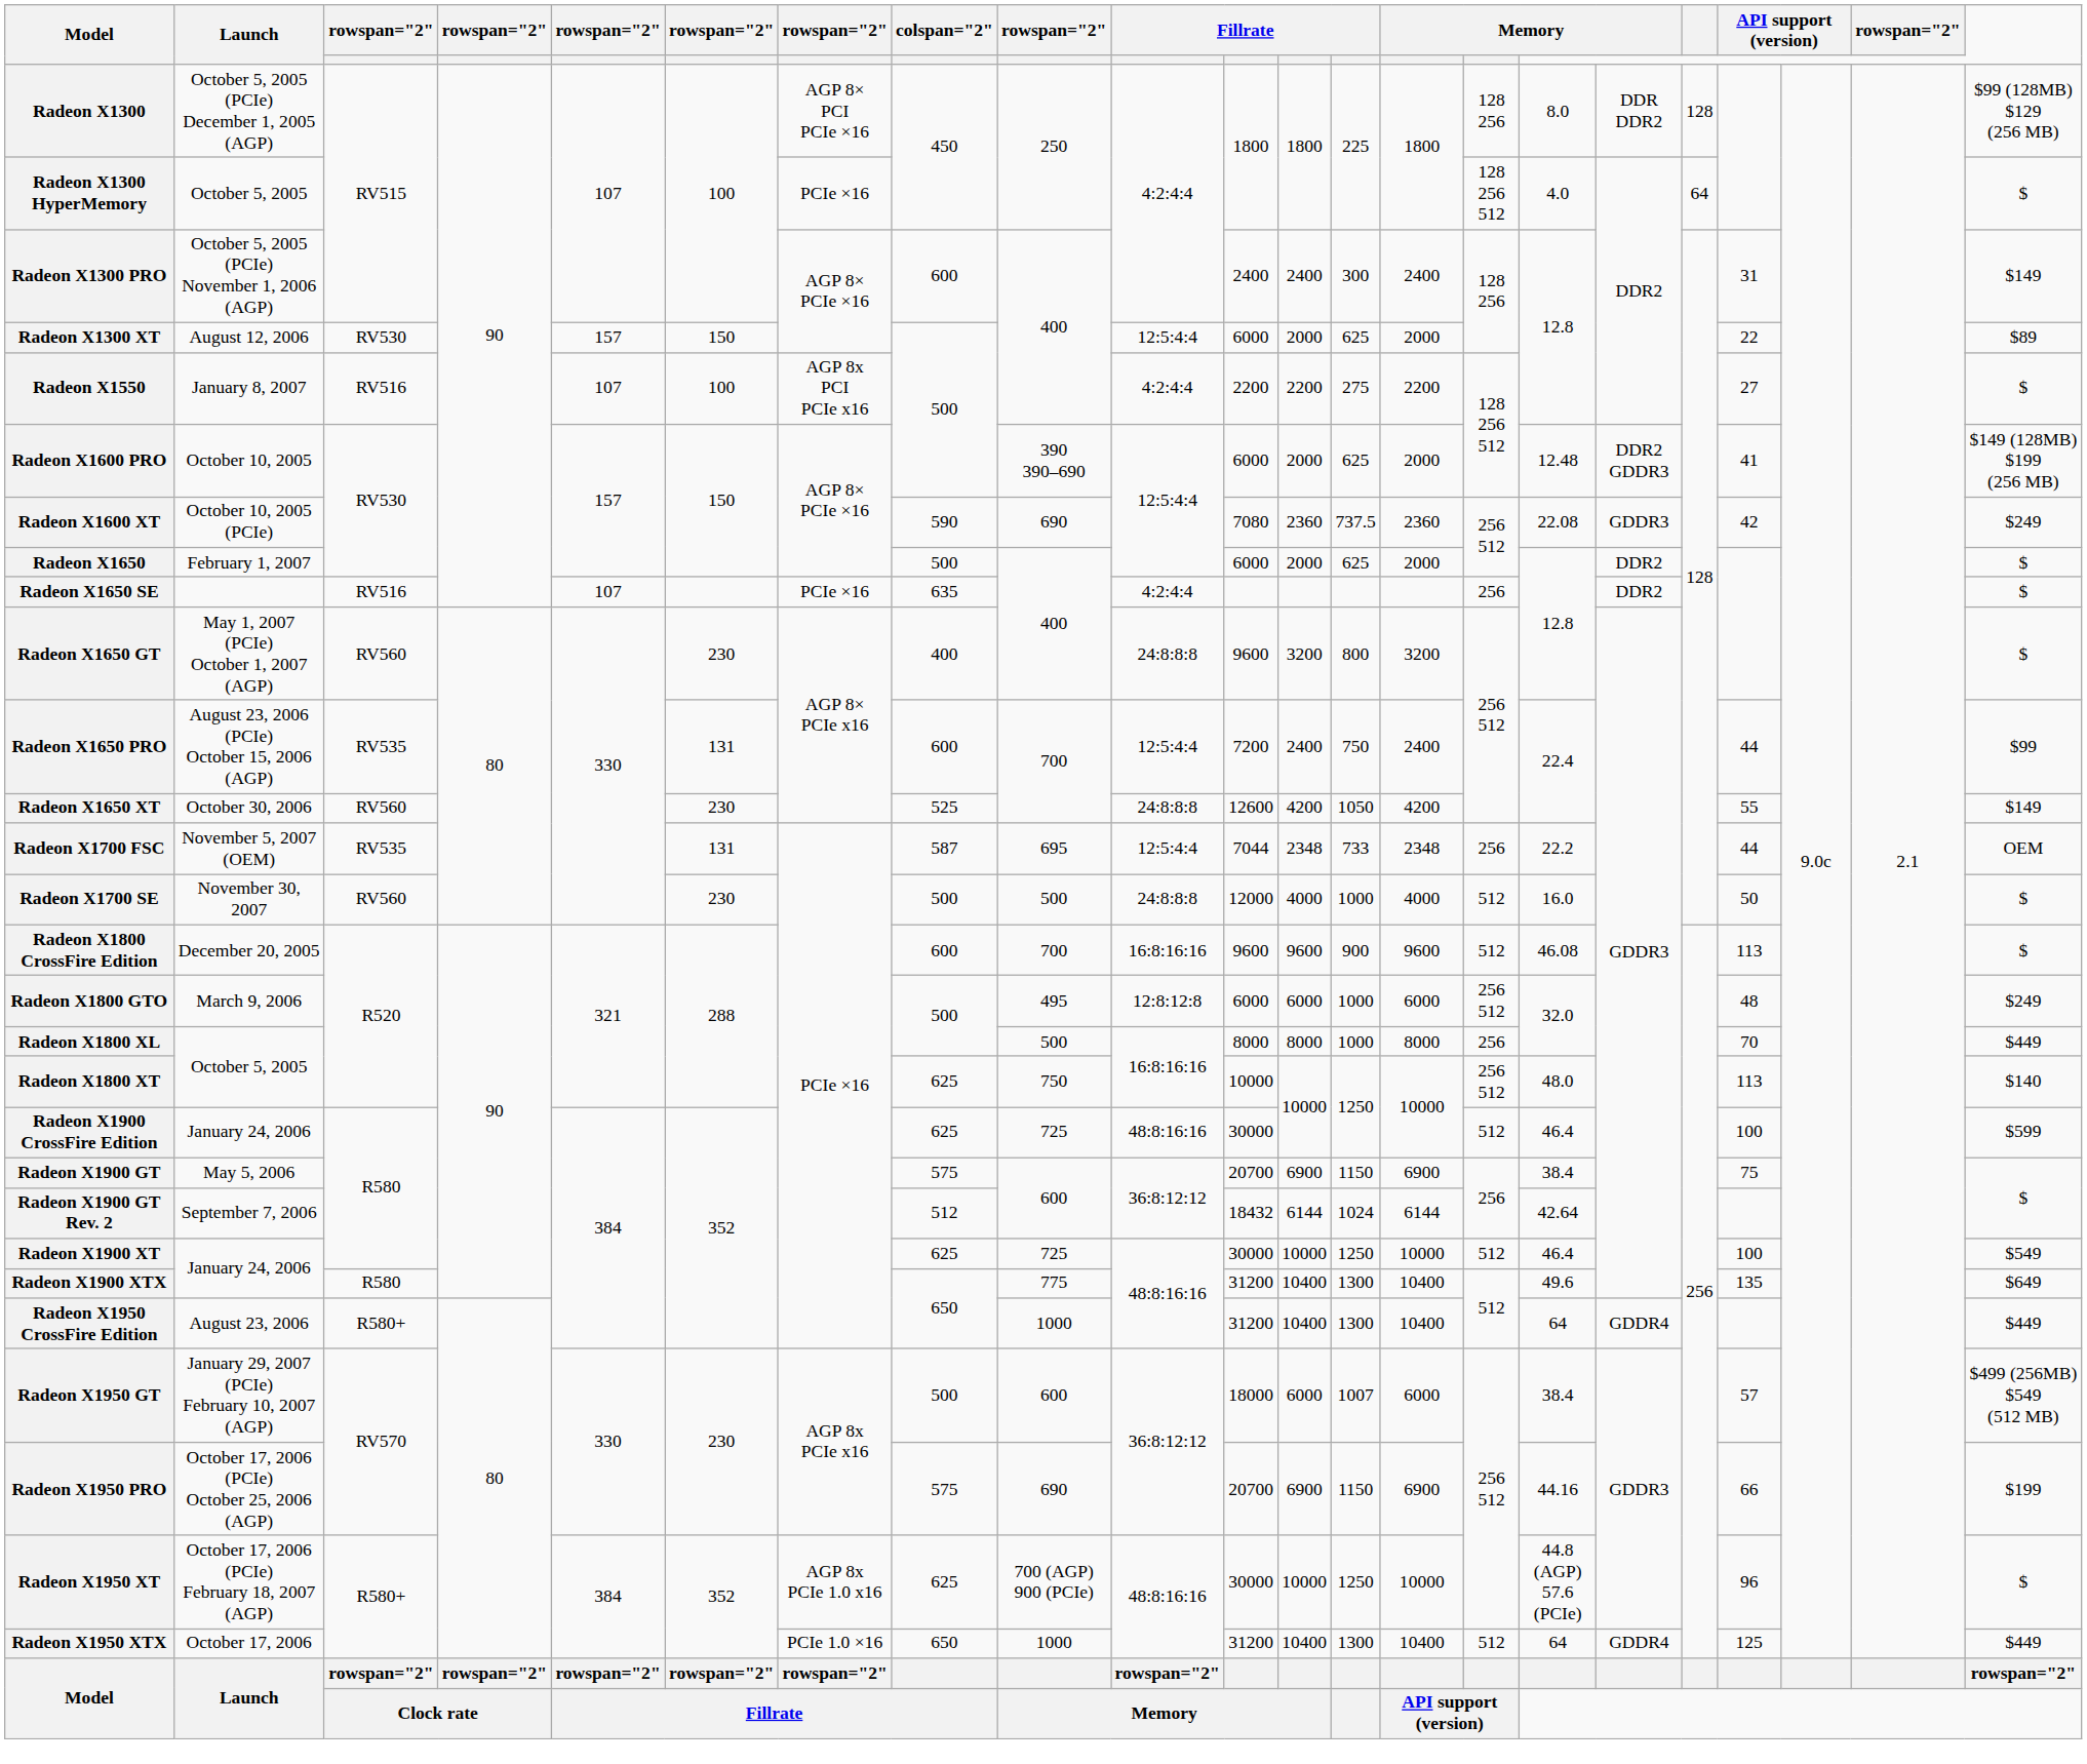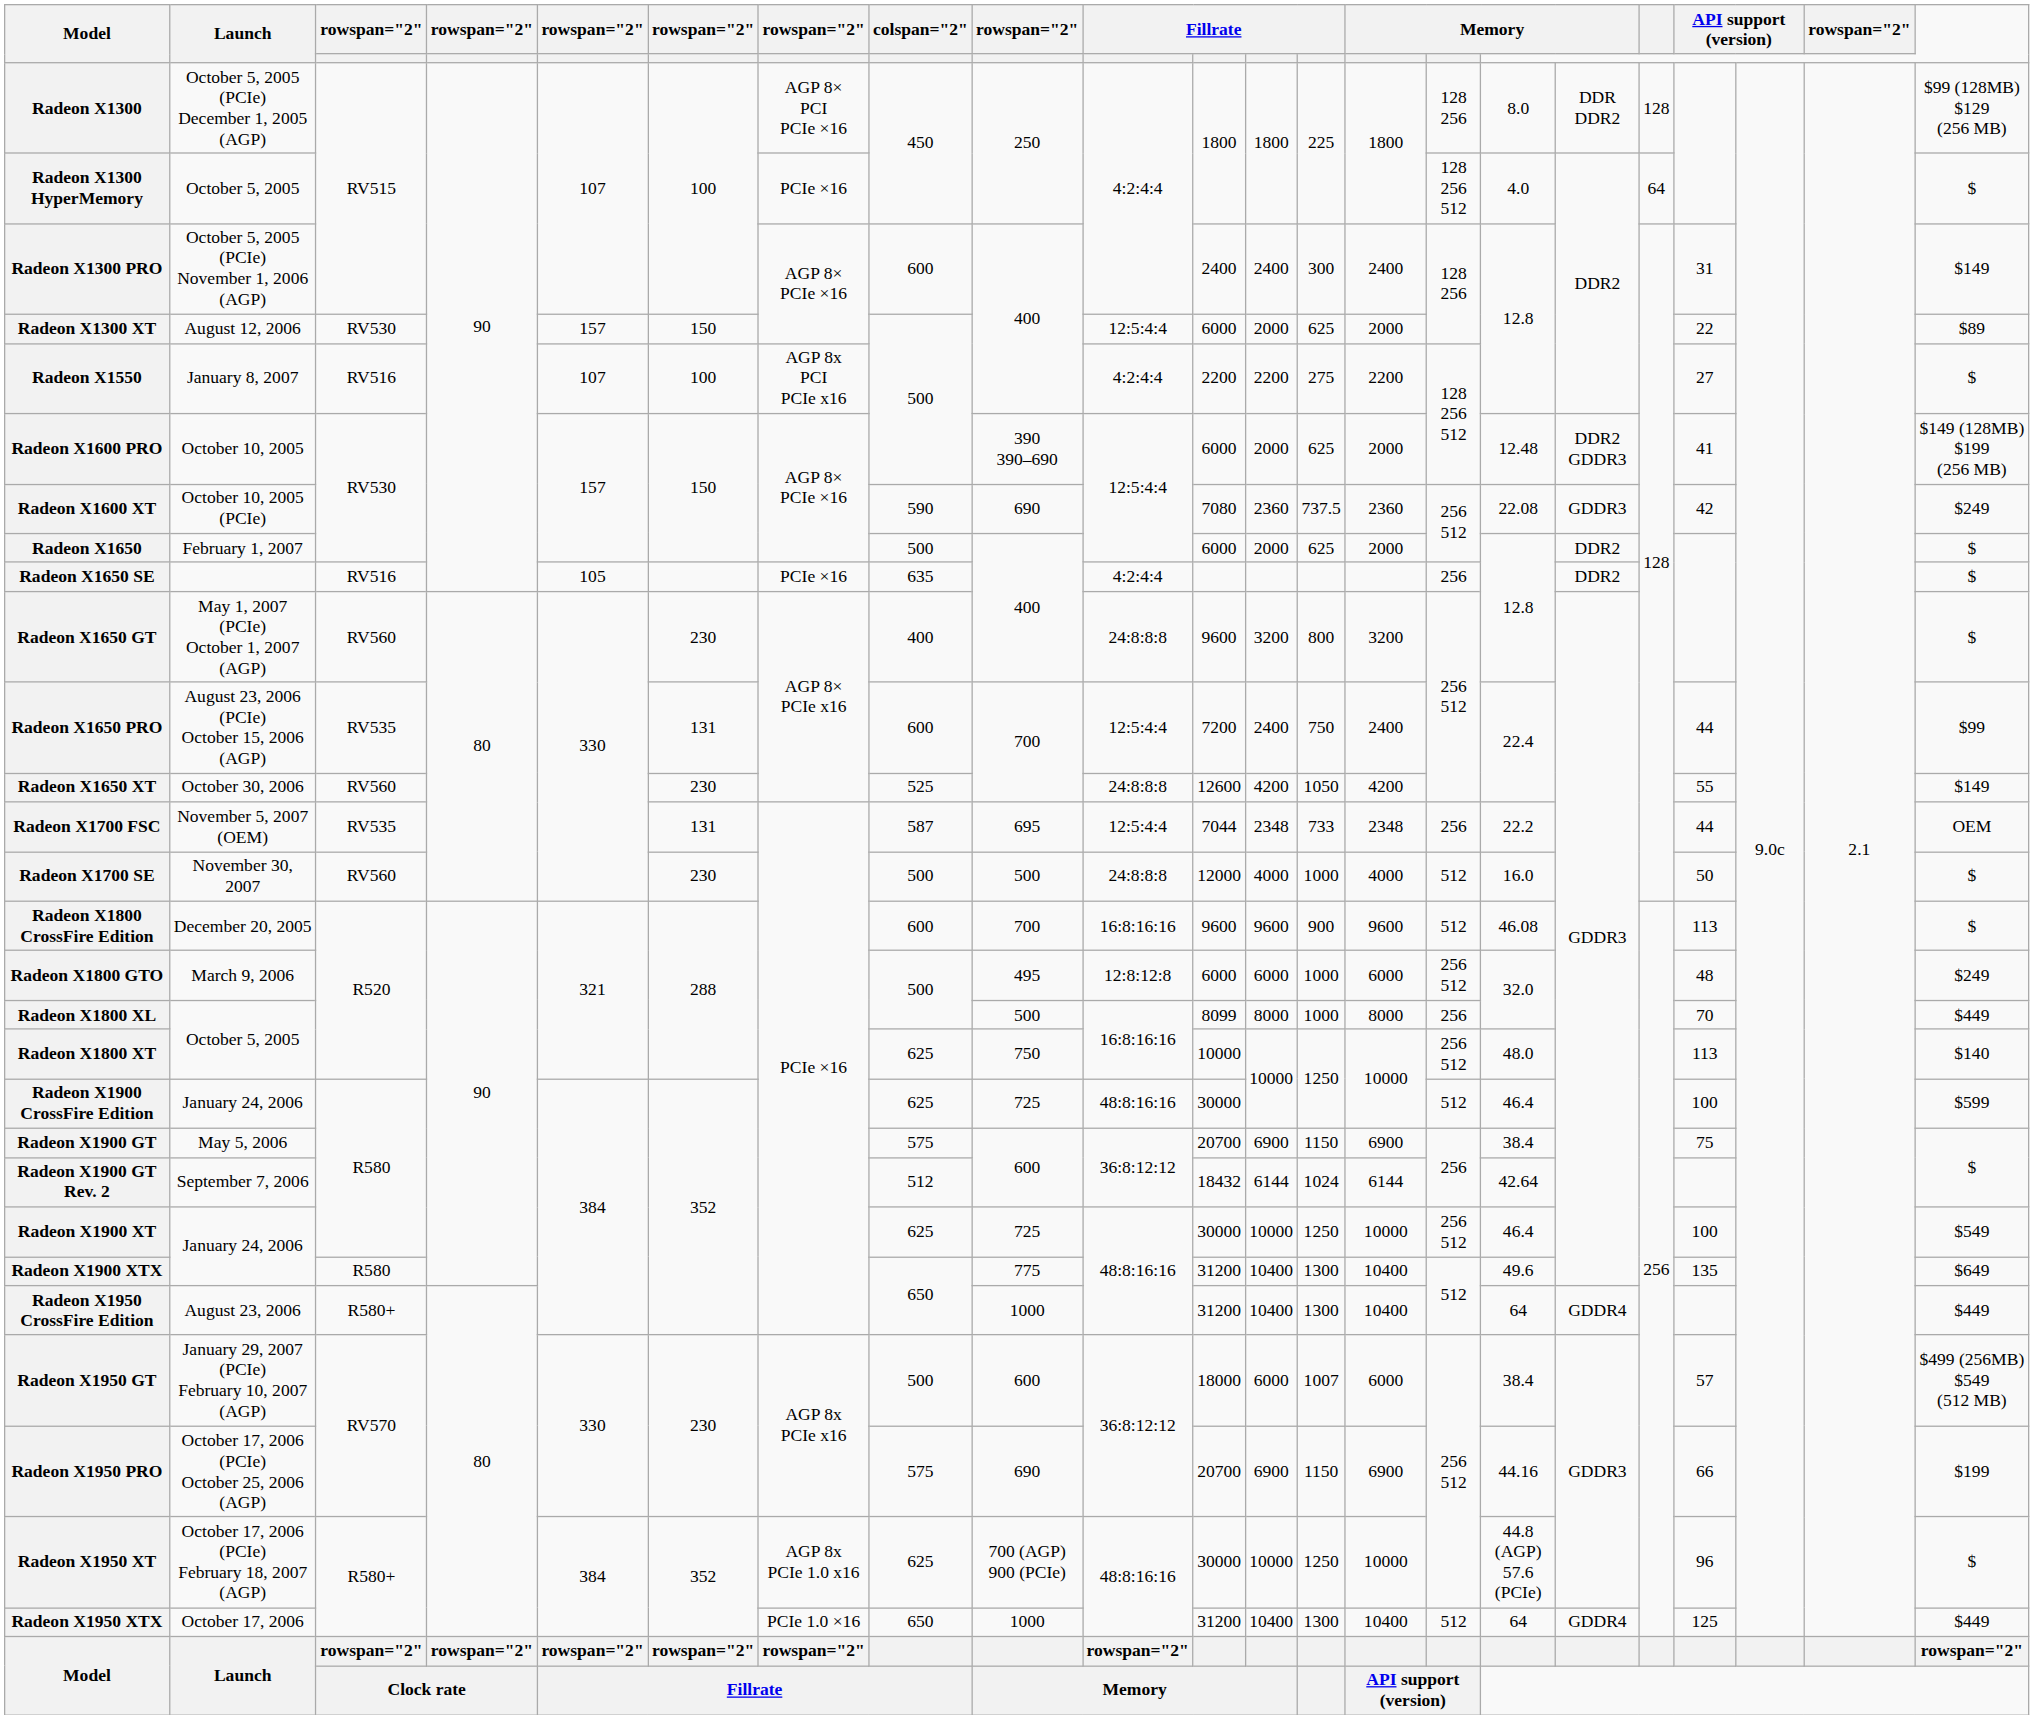 <table class="mw-datatable wikitable sortable" style="font-size:85%; text-align:center;">
 <tr>
 <th rowspan="2">Model</th>
 <th rowspan="2">Launch</th>
 <th>rowspan="2" </th>
 <th>rowspan="2" </th>
 <th>rowspan="2" </th>
 <th>rowspan="2" </th>
 <th>rowspan="2" </th>
 <th>colspan="2" </th>
 <th>rowspan="2" </th>
 <th colspan="4"><a href='#'>Fillrate</a></th>
 <th colspan="4">Memory</th>
 <th></th>
 <th colspan="2"><a href='#'>API</a> support (version)</th>
 <th>rowspan="2" </th>
 </tr>
 <tr>
 <th></th>
 <th></th>
 <th></th>
 <th></th>
 <th></th>
 <th></th>
 <th></th>
 <th></th>
 <th></th>
 <th></th>
 <th></th>
 <th></th>
 <th></th>
 </tr>
 <tr>
 <th>Radeon X1300</th>
 <td>October 5, 2005 (PCIe)<br>December 1, 2005 (AGP)</td>
 <td rowspan="3">RV515</td>
 <td rowspan="9">90</td>
 <td rowspan="3">107</td>
 <td rowspan="3">100</td>
 <td>AGP 8×<br>PCI<br>PCIe ×16</td>
 <td rowspan="2">450</td>
 <td rowspan="2">250</td>
 <td rowspan="3">4:2:4:4</td>
 <td rowspan="2">1800</td>
 <td rowspan="2">1800</td>
 <td rowspan="2">225</td>
 <td rowspan="2">1800</td>
 <td>128<br>256</td>
 <td>8.0</td>
 <td rowspan="1">DDR DDR2</td>
 <td>128</td>
 <td rowspan="2"></td>
 <td rowspan="28">9.0c</td>
 <td rowspan="28">2.1</td>
 <td>$99 (128MB)<br>$129 (256 MB)</td>
 </tr>
 <tr>
 <th>Radeon X1300<br>HyperMemory</th>
 <td>October 5, 2005</td>
 <td>PCIe ×16</td>
 <td>128<br>256<br>512</td>
 <td>4.0</td>
 <td rowspan="4">DDR2</td>
 <td>64</td>
 <td>$</td>
 </tr>
 <tr>
 <th>Radeon X1300 PRO</th>
 <td>October 5, 2005 (PCIe)<br>November 1, 2006 (AGP)</td>
 <td rowspan="2">AGP 8×<br>PCIe ×16</td>
 <td>600</td>
 <td rowspan="3">400</td>
 <td>2400</td>
 <td>2400</td>
 <td>300</td>
 <td>2400</td>
 <td rowspan="2">128<br>256</td>
 <td rowspan="3">12.8</td>
 <td rowspan="12">128</td>
 <td>31</td>
 <td>$149</td>
 </tr>
 <tr>
 <th>Radeon X1300 XT</th>
 <td>August 12, 2006</td>
 <td>RV530</td>
 <td>157</td>
 <td>150</td>
 <td rowspan="3">500</td>
 <td>12:5:4:4</td>
 <td>6000</td>
 <td>2000</td>
 <td>625</td>
 <td>2000</td>
 <td>22</td>
 <td>$89</td>
 </tr>
 <tr>
 <th>Radeon X1550</th>
 <td>January 8, 2007</td>
 <td>RV516</td>
 <td>107</td>
 <td>100</td>
 <td>AGP 8x<br>PCI<br>PCIe x16</td>
 <td>4:2:4:4</td>
 <td>2200</td>
 <td>2200</td>
 <td>275</td>
 <td>2200</td>
 <td rowspan="2">128<br>256<br>512</td>
 <td>27</td>
 <td>$</td>
 </tr>
 <tr>
 <th>Radeon X1600 PRO</th>
 <td>October 10, 2005</td>
 <td rowspan="3">RV530</td>
 <td rowspan="3">157</td>
 <td rowspan="3">150</td>
 <td rowspan="3">AGP 8×<br>PCIe ×16</td>
 <td>390<br>390–690</td>
 <td rowspan="3">12:5:4:4</td>
 <td>6000</td>
 <td>2000</td>
 <td>625</td>
 <td>2000</td>
 <td>12.48</td>
 <td>DDR2<br>GDDR3</td>
 <td>41</td>
 <td>$149 (128MB)<br>$199 (256 MB)</td>
 </tr>
 <tr>
 <th>Radeon X1600 XT</th>
 <td>October 10, 2005 (PCIe)</td>
 <td>590</td>
 <td>690</td>
 <td>7080</td>
 <td>2360</td>
 <td>737.5</td>
 <td>2360</td>
 <td rowspan="2">256<br>512</td>
 <td>22.08</td>
 <td>GDDR3</td>
 <td>42</td>
 <td>$249</td>
 </tr>
 <tr>
 <th>Radeon X1650</th>
 <td>February 1, 2007</td>
 <td>500</td>
 <td rowspan="3">400</td>
 <td>6000</td>
 <td>2000</td>
 <td>625</td>
 <td>2000</td>
 <td rowspan="3">12.8</td>
 <td>DDR2</td>
 <td rowspan="3"></td>
 <td>$</td>
 </tr>
 <tr>
 <th>Radeon X1650 SE</th>
 <td></td>
 <td>RV516</td>
-<td>107</td>
+<td>105</td>
 <td></td>
 <td>PCIe ×16</td>
 <td>635</td>
 <td>4:2:4:4</td>
 <td></td>
 <td></td>
 <td></td>
 <td></td>
 <td>256</td>
 <td>DDR2</td>
 <td>$</td>
 </tr>
 <tr>
 <th>Radeon X1650 GT</th>
 <td>May 1, 2007 (PCIe)<br>October 1, 2007 (AGP)</td>
 <td>RV560</td>
 <td rowspan="5">80</td>
 <td rowspan="5">330</td>
 <td>230</td>
 <td rowspan="3">AGP 8×<br>PCIe x16</td>
 <td>400</td>
 <td>24:8:8:8</td>
 <td>9600</td>
 <td>3200</td>
 <td>800</td>
 <td>3200</td>
 <td rowspan="3">256<br>512</td>
 <td rowspan="14">GDDR3</td>
 <td>$</td>
 </tr>
 <tr>
 <th>Radeon X1650 PRO</th>
 <td>August 23, 2006 (PCIe)<br>October 15, 2006 (AGP)</td>
 <td>RV535</td>
 <td>131</td>
 <td>600</td>
 <td rowspan="2">700</td>
 <td>12:5:4:4</td>
 <td>7200</td>
 <td>2400</td>
 <td>750</td>
 <td>2400</td>
 <td rowspan="2">22.4</td>
 <td>44</td>
 <td>$99</td>
 </tr>
 <tr>
 <th>Radeon X1650 XT</th>
 <td>October 30, 2006</td>
 <td>RV560</td>
 <td>230</td>
 <td>525</td>
 <td>24:8:8:8</td>
 <td>12600</td>
 <td>4200</td>
 <td>1050</td>
 <td>4200</td>
 <td>55</td>
 <td>$149</td>
 </tr>
 <tr>
 <th>Radeon X1700 FSC</th>
 <td>November 5, 2007 (OEM)</td>
 <td>RV535</td>
 <td>131</td>
 <td rowspan="12">PCIe ×16</td>
 <td>587</td>
 <td>695</td>
 <td>12:5:4:4</td>
 <td>7044</td>
 <td>2348</td>
 <td>733</td>
 <td>2348</td>
 <td>256</td>
 <td>22.2</td>
 <td>44</td>
 <td>OEM</td>
 </tr>
 <tr>
 <th>Radeon X1700 SE</th>
 <td>November 30, 2007</td>
 <td>RV560</td>
 <td>230</td>
 <td>500</td>
 <td>500</td>
 <td>24:8:8:8</td>
 <td>12000</td>
 <td>4000</td>
 <td>1000</td>
 <td>4000</td>
 <td>512</td>
 <td>16.0</td>
 <td>50</td>
 <td>$</td>
 </tr>
 <tr>
 <th>Radeon X1800<br>CrossFire Edition</th>
 <td>December 20, 2005</td>
 <td rowspan="4">R520</td>
 <td rowspan="9">90</td>
 <td rowspan="4">321</td>
 <td rowspan="4">288</td>
 <td>600</td>
 <td>700</td>
 <td>16:8:16:16</td>
 <td>9600</td>
 <td>9600</td>
 <td>900</td>
 <td>9600</td>
 <td>512</td>
 <td>46.08</td>
 <td rowspan="14">256</td>
 <td>113</td>
 <td>$</td>
 </tr>
 <tr>
 <th>Radeon X1800 GTO</th>
 <td>March 9, 2006</td>
 <td rowspan="2">500</td>
 <td>495</td>
 <td>12:8:12:8</td>
 <td>6000</td>
 <td>6000</td>
 <td>1000</td>
 <td>6000</td>
 <td>256<br>512</td>
 <td rowspan="2">32.0</td>
 <td>48</td>
 <td>$249</td>
 </tr>
 <tr>
 <th>Radeon X1800 XL</th>
 <td rowspan="2">October 5, 2005</td>
 <td>500</td>
 <td rowspan="2">16:8:16:16</td>
-<td>8000</td>
+<td>8099</td>
 <td>8000</td>
 <td>1000</td>
 <td>8000</td>
 <td>256</td>
 <td>70</td>
 <td>$449</td>
 </tr>
 <tr>
 <th>Radeon X1800 XT</th>
 <td>625</td>
 <td>750</td>
 <td>10000</td>
 <td rowspan="2">10000</td>
 <td rowspan="2">1250</td>
 <td rowspan="2">10000</td>
 <td>256<br>512</td>
 <td>48.0</td>
 <td>113</td>
 <td>$140</td>
 </tr>
 <tr>
 <th>Radeon X1900<br>CrossFire Edition</th>
 <td>January 24, 2006</td>
 <td rowspan="4">R580</td>
 <td rowspan="6">384</td>
 <td rowspan="6">352</td>
 <td>625</td>
 <td>725</td>
 <td>48:8:16:16</td>
 <td>30000</td>
 <td>512</td>
 <td>46.4</td>
 <td>100</td>
 <td>$599</td>
 </tr>
 <tr>
 <th>Radeon X1900 GT</th>
 <td>May 5, 2006</td>
 <td>575</td>
 <td rowspan="2">600</td>
 <td rowspan="2">36:8:12:12</td>
 <td>20700</td>
 <td>6900</td>
 <td>1150</td>
 <td>6900</td>
 <td rowspan="2">256</td>
 <td>38.4</td>
 <td>75</td>
 <td rowspan="2">$</td>
 </tr>
 <tr>
 <th>Radeon X1900 GT Rev. 2</th>
 <td>September 7, 2006</td>
 <td>512</td>
 <td>18432</td>
 <td>6144</td>
 <td>1024</td>
 <td>6144</td>
 <td>42.64</td>
 <td></td>
 </tr>
 <tr>
 <th>Radeon X1900 XT</th>
 <td rowspan="2">January 24, 2006</td>
 <td>625</td>
 <td>725</td>
 <td rowspan="3">48:8:16:16</td>
 <td>30000</td>
 <td>10000</td>
 <td>1250</td>
 <td>10000</td>
-<td>512</td>
+<td>256<br>512</td>
 <td>46.4</td>
 <td>100</td>
 <td>$549</td>
 </tr>
 <tr>
 <th>Radeon X1900 XTX</th>
 <td>R580</td>
 <td rowspan="2">650</td>
 <td>775</td>
 <td>31200</td>
 <td>10400</td>
 <td>1300</td>
 <td>10400</td>
 <td rowspan="2">512</td>
 <td>49.6</td>
 <td>135</td>
 <td>$649</td>
 </tr>
 <tr>
 <th>Radeon X1950<br>CrossFire Edition</th>
 <td>August 23, 2006</td>
 <td>R580+</td>
 <td rowspan="5">80</td>
 <td>1000</td>
 <td>31200</td>
 <td>10400</td>
 <td>1300</td>
 <td>10400</td>
 <td>64</td>
 <td>GDDR4</td>
 <td></td>
 <td>$449</td>
 </tr>
 <tr>
 <th>Radeon X1950 GT</th>
 <td>January 29, 2007 (PCIe)<br>February 10, 2007 (AGP)</td>
 <td rowspan="2">RV570</td>
 <td rowspan="2">330</td>
 <td rowspan="2">230</td>
 <td rowspan="2">AGP 8x<br>PCIe x16</td>
 <td>500</td>
 <td>600</td>
 <td rowspan="2">36:8:12:12</td>
 <td>18000</td>
 <td>6000</td>
 <td>1007</td>
 <td>6000</td>
 <td rowspan="3">256<br>512</td>
 <td>38.4</td>
 <td rowspan="3">GDDR3</td>
 <td>57</td>
 <td>$499 (256MB)<br>$549 (512 MB)</td>
 </tr>
 <tr>
 <th>Radeon X1950 PRO</th>
 <td>October 17, 2006 (PCIe)<br>October 25, 2006 (AGP)</td>
 <td>575</td>
 <td>690</td>
 <td>20700</td>
 <td>6900</td>
 <td>1150</td>
 <td>6900</td>
 <td>44.16</td>
 <td>66</td>
 <td>$199</td>
 </tr>
 <tr>
 <th>Radeon X1950 XT</th>
 <td>October 17, 2006 (PCIe)<br>February 18, 2007 (AGP)</td>
 <td rowspan="2">R580+</td>
 <td rowspan="2">384</td>
 <td rowspan="2">352</td>
 <td>AGP 8x<br>PCIe 1.0 x16</td>
 <td>625</td>
 <td>700 (AGP)<br>900 (PCIe)</td>
 <td rowspan="2">48:8:16:16</td>
 <td>30000</td>
 <td>10000</td>
 <td>1250</td>
 <td>10000</td>
 <td>44.8 (AGP)<br>57.6 (PCIe)</td>
 <td>96</td>
 <td>$</td>
 </tr>
 <tr>
 <th>Radeon X1950 XTX</th>
 <td>October 17, 2006</td>
 <td>PCIe 1.0 ×16</td>
 <td>650</td>
 <td>1000</td>
 <td>31200</td>
 <td>10400</td>
 <td>1300</td>
 <td>10400</td>
 <td>512</td>
 <td>64</td>
 <td>GDDR4</td>
 <td>125</td>
 <td>$449</td>
 </tr>
 <tr>
 <th rowspan="2">Model</th>
 <th rowspan="2">Launch</th>
 <th>rowspan="2" </th>
 <th>rowspan="2" </th>
 <th>rowspan="2" </th>
 <th>rowspan="2" </th>
 <th>rowspan="2" </th>
 <th></th>
 <th></th>
 <th>rowspan="2" </th>
 <th></th>
 <th></th>
 <th></th>
 <th></th>
 <th></th>
 <th></th>
 <th></th>
 <th></th>
 <th></th>
 <th></th>
 <th></th>
 <th>rowspan="2" </th>
 </tr>
 <tr>
 <th colspan="2">Clock rate</th>
 <th colspan="4"><a href='#'>Fillrate</a></th>
 <th colspan="4">Memory</th>
 <th></th>
 <th colspan="2"><a href='#'>API</a> support (version)</th>
 </tr>
 </table>
